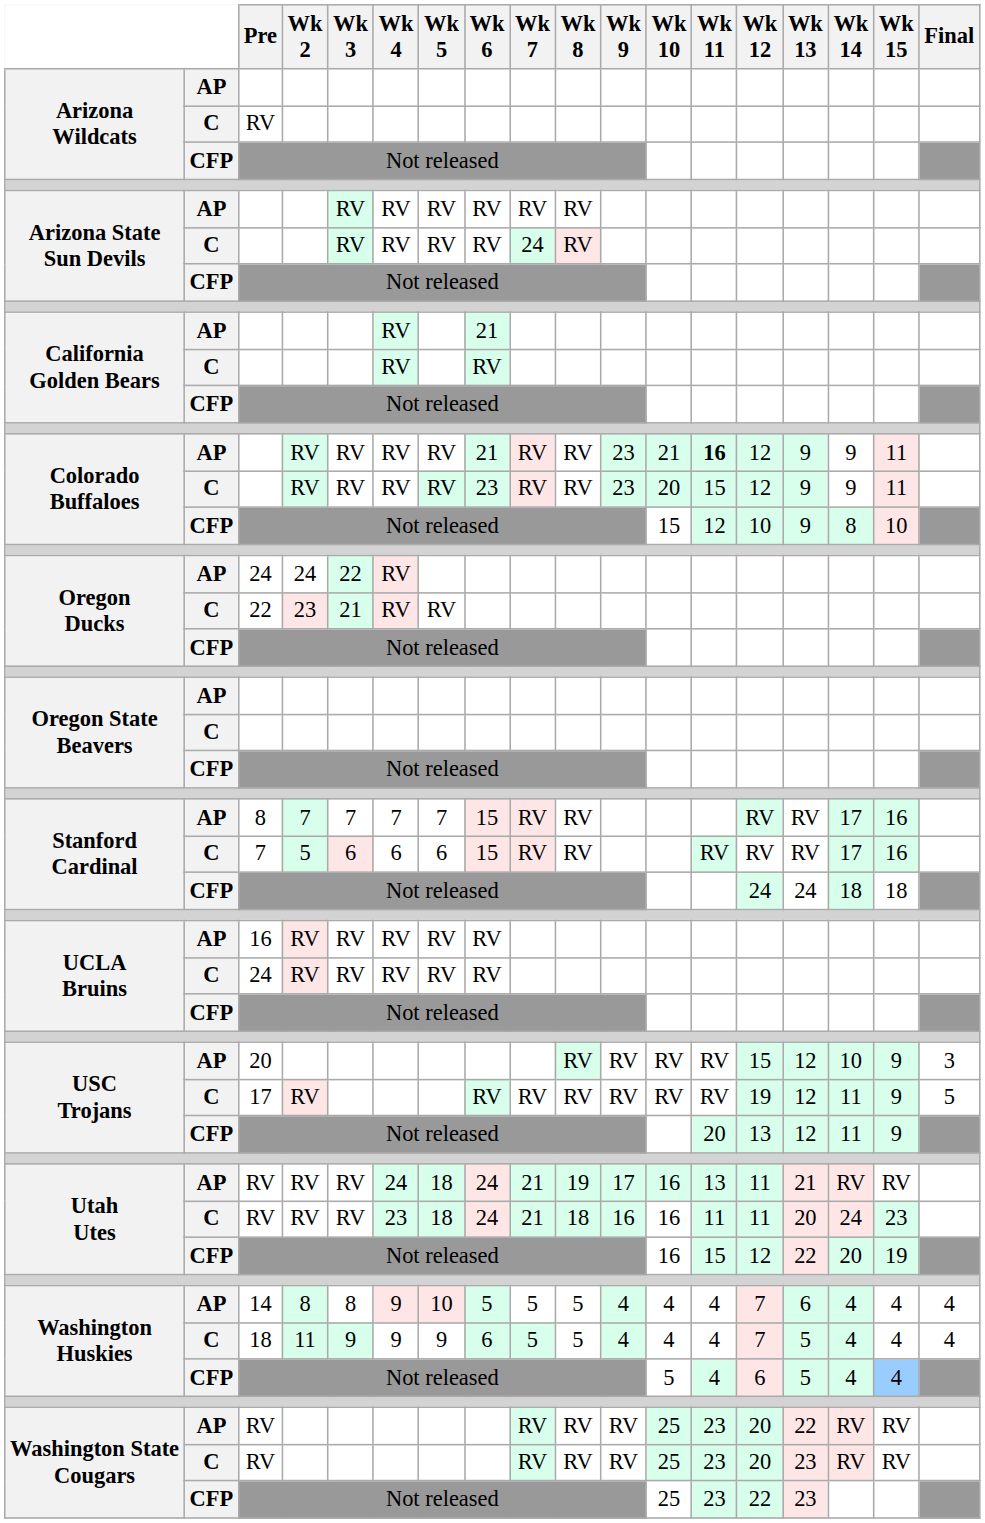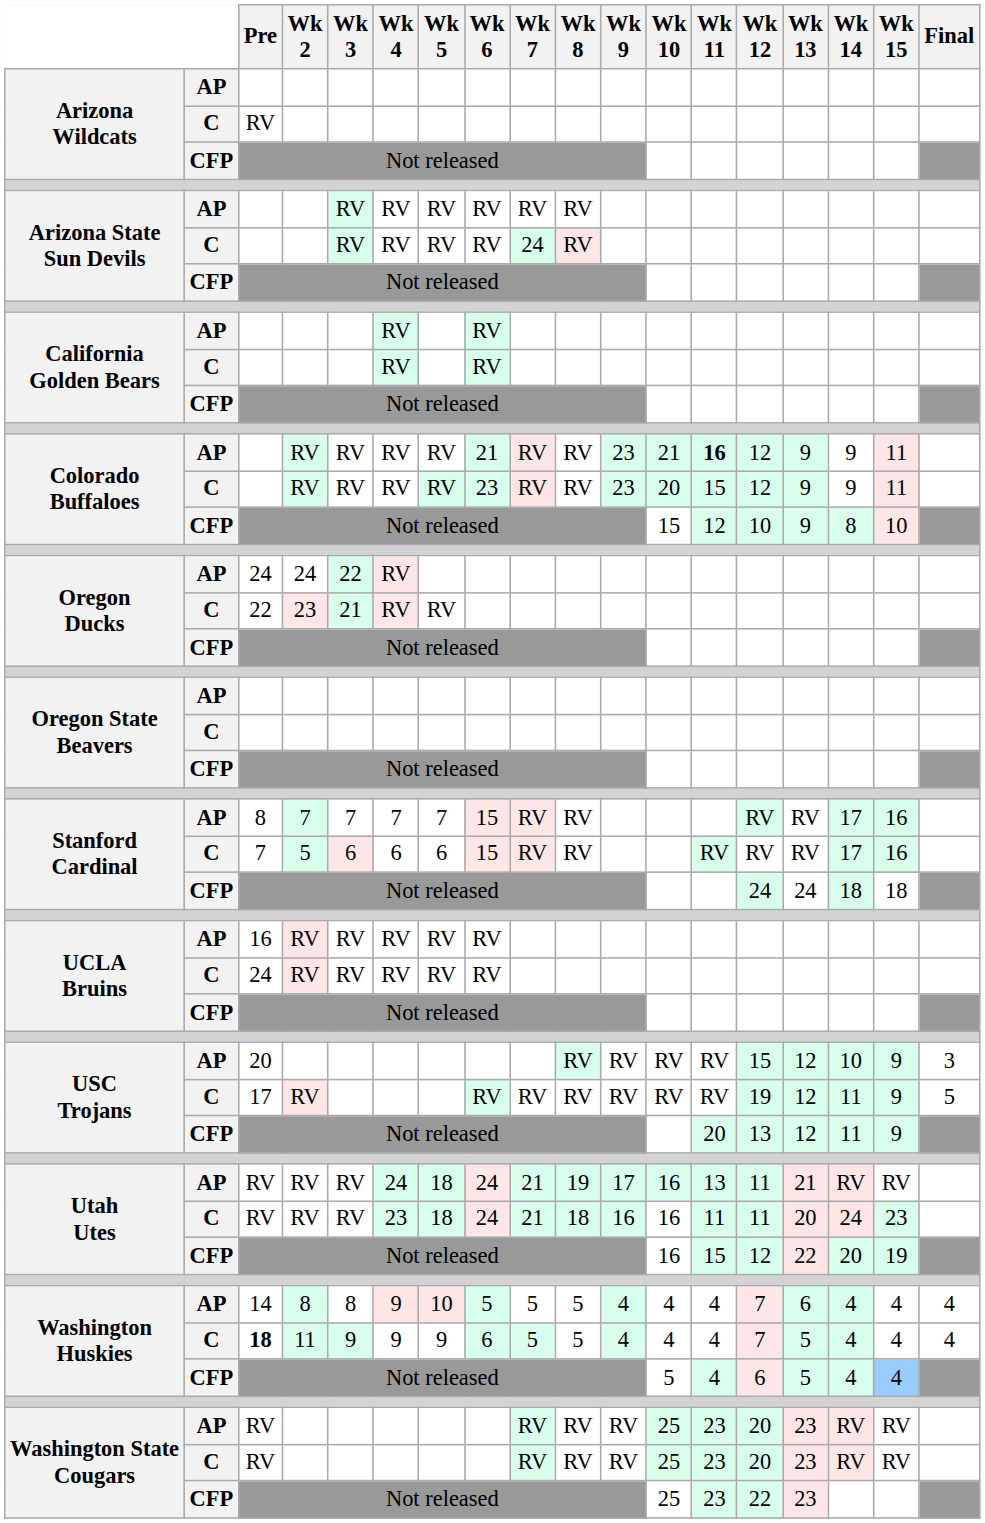 <table class="wikitable" style="white-space:nowrap;font-size:90%;">
 <tr>
 <th colspan=2 style="background:white; border-top-style:hidden; border-left-style:hidden;"> </th>
 <th>Pre</th>
 <th>Wk<br>2</th>
 <th>Wk<br>3</th>
 <th>Wk<br>4</th>
 <th>Wk<br>5</th>
 <th>Wk<br>6</th>
 <th>Wk<br>7</th>
 <th>Wk<br>8</th>
 <th>Wk<br>9</th>
 <th>Wk<br>10</th>
 <th>Wk<br>11</th>
 <th>Wk<br>12</th>
 <th>Wk<br>13</th>
 <th>Wk<br>14</th>
 <th>Wk<br>15</th>
 <th>Final</th>
 </tr>
 <tr style="text-align:center;">
 <th rowspan=3><strong>Arizona</strong><br><strong>Wildcats</strong></th>
 <th>AP</th>
 <td style="background:#FFF;"></td>
 <td style="background:#FFF;"></td>
 <td style="background:#FFF;"></td>
 <td style="background:#FFF;"></td>
 <td style="background:#FFF;"></td>
 <td style="background:#FFF;"></td>
 <td style="background:#FFF;"></td>
 <td style="background:#FFF;"></td>
 <td style="background:#FFF;"></td>
 <td style="background:#FFF;"></td>
 <td style="background:#FFF;"></td>
 <td style="background:#FFF;"></td>
 <td style="background:#FFF;"></td>
 <td style="background:#FFF;"></td>
 <td style="background:#FFF;"></td>
 <td style="background:#FFF;"></td>
 </tr>
 <tr style="text-align:center;">
 <th>C</th>
 <td style="background:#FFF;">RV</td>
 <td style="background:#FFF;"></td>
 <td style="background:#FFF;"></td>
 <td style="background:#FFF;"></td>
 <td style="background:#FFF;"></td>
 <td style="background:#FFF;"></td>
 <td style="background:#FFF;"></td>
 <td style="background:#FFF;"></td>
 <td style="background:#FFF;"></td>
 <td style="background:#FFF;"></td>
 <td style="background:#FFF;"></td>
 <td style="background:#FFF;"></td>
 <td style="background:#FFF;"></td>
 <td style="background:#FFF;"></td>
 <td style="background:#FFF;"></td>
 <td style="background:#FFF;"></td>
 </tr>
 <tr style="text-align:center;">
 <th>CFP</th>
 <td colspan="9" style="background:#999;">Not released</td>
 <td style="background:#FFF;"></td>
 <td style="background:#FFF;"></td>
 <td style="background:#FFF;"></td>
 <td style="background:#FFF;"></td>
 <td style="background:#FFF;"></td>
 <td style="background:#FFF;"></td>
 <td style="background:#999;"></td>
 </tr>
 <tr>
 <th colspan="19" style="background:lightgrey;"></th>
 </tr>
 <tr style="text-align:center;">
 <th rowspan=3><strong>Arizona State</strong><br><strong>Sun Devils</strong></th>
 <th>AP</th>
 <td style="background:#FFF;"></td>
 <td style="background:#FFF;"></td>
 <td style="background:#D8FFEB;">RV</td>
 <td style="background:#FFF;">RV</td>
 <td style="background:#FFF;">RV</td>
 <td style="background:#FFF;">RV</td>
 <td style="background:#FFF;">RV</td>
 <td style="background:#FFF;">RV</td>
 <td style="background:#FFF;"></td>
 <td style="background:#FFF;"></td>
 <td style="background:#FFF;"></td>
 <td style="background:#FFF;"></td>
 <td style="background:#FFF;"></td>
 <td style="background:#FFF;"></td>
 <td style="background:#FFF;"></td>
 <td style="background:#FFF;"></td>
 </tr>
 <tr style="text-align:center;">
 <th>C</th>
 <td style="background:#FFF;"></td>
 <td style="background:#FFF;"></td>
 <td style="background:#D8FFEB;">RV</td>
 <td style="background:#FFF;">RV</td>
 <td style="background:#FFF;">RV</td>
 <td style="background:#FFF;">RV</td>
 <td style="background:#D8FFEB;">24</td>
 <td style="background:#FFE6E6;">RV</td>
 <td style="background:#FFF;"></td>
 <td style="background:#FFF;"></td>
 <td style="background:#FFF;"></td>
 <td style="background:#FFF;"></td>
 <td style="background:#FFF;"></td>
 <td style="background:#FFF;"></td>
 <td style="background:#FFF;"></td>
 <td style="background:#FFF;"></td>
 </tr>
 <tr style="text-align:center;">
 <th>CFP</th>
 <td colspan="9" style="background:#999;">Not released</td>
 <td style="background:#FFF;"></td>
 <td style="background:#FFF;"></td>
 <td style="background:#FFF;"></td>
 <td style="background:#FFF;"></td>
 <td style="background:#FFF;"></td>
 <td style="background:#FFF;"></td>
 <td style="background:#999;"></td>
 </tr>
 <tr>
 <th colspan="19" style="background:lightgrey;"></th>
 </tr>
 <tr style="text-align:center;">
 <th rowspan=3><strong>California</strong><br><strong>Golden Bears</strong></th>
 <th>AP</th>
 <td style="background:#FFF;"></td>
 <td style="background:#FFF;"></td>
 <td style="background:#FFF;"></td>
 <td style="background:#D8FFEB;">RV</td>
 <td style="background:#FFF;"></td>
-<td style="background:#D8FFEB;">21</td>
+<td style="background:#D8FFEB;">RV</td>
 <td style="background:#FFF;"></td>
 <td style="background:#FFF;"></td>
 <td style="background:#FFF;"></td>
 <td style="background:#FFF;"></td>
 <td style="background:#FFF;"></td>
 <td style="background:#FFF;"></td>
 <td style="background:#FFF;"></td>
 <td style="background:#FFF;"></td>
 <td style="background:#FFF;"></td>
 <td style="background:#FFF;"></td>
 </tr>
 <tr style="text-align:center;">
 <th>C</th>
 <td style="background:#FFF;"></td>
 <td style="background:#FFF;"></td>
 <td style="background:#FFF;"></td>
 <td style="background:#D8FFEB;">RV</td>
 <td style="background:#FFF;"></td>
 <td style="background:#D8FFEB;">RV</td>
 <td style="background:#FFF;"></td>
 <td style="background:#FFF;"></td>
 <td style="background:#FFF;"></td>
 <td style="background:#FFF;"></td>
 <td style="background:#FFF;"></td>
 <td style="background:#FFF;"></td>
 <td style="background:#FFF;"></td>
 <td style="background:#FFF;"></td>
 <td style="background:#FFF;"></td>
 <td style="background:#FFF;"></td>
 </tr>
 <tr style="text-align:center;">
 <th>CFP</th>
 <td colspan="9" style="background:#999;">Not released</td>
 <td style="background:#FFF;"></td>
 <td style="background:#FFF;"></td>
 <td style="background:#FFF;"></td>
 <td style="background:#FFF;"></td>
 <td style="background:#FFF;"></td>
 <td style="background:#FFF;"></td>
 <td style="background:#999;"></td>
 </tr>
 <tr>
 <th colspan="19" style="background:lightgrey;"></th>
 </tr>
 <tr style="text-align:center;">
 <th rowspan=3><strong>Colorado</strong><br><strong>Buffaloes</strong></th>
 <th>AP</th>
 <td style="background:#FFF;"></td>
 <td style="background:#D8FFEB;">RV</td>
 <td style="background:#FFF;">RV</td>
 <td style="background:#FFF;">RV</td>
 <td style="background:#FFF;">RV</td>
 <td style="background:#D8FFEB;">21</td>
 <td style="background:#FFE6E6;">RV</td>
 <td style="background:#FFF;">RV</td>
 <td style="background:#D8FFEB;">23</td>
 <td style="background:#D8FFEB;">21</td>
 <td style="background:#D8FFEB;"><strong>16</strong></td>
 <td style="background:#D8FFEB;">12</td>
 <td style="background:#D8FFEB;">9</td>
 <td style="background:#FFF;">9</td>
 <td style="background:#FFE6E6;">11</td>
 <td style="background:#FFF;"></td>
 </tr>
 <tr style="text-align:center;">
 <th>C</th>
 <td style="background:#FFF;"></td>
 <td style="background:#D8FFEB;">RV</td>
 <td style="background:#FFF;">RV</td>
 <td style="background:#FFF;">RV</td>
 <td style="background:#D8FFEB;">RV</td>
 <td style="background:#D8FFEB;">23</td>
 <td style="background:#FFE6E6;">RV</td>
 <td style="background:#FFF;">RV</td>
 <td style="background:#D8FFEB;">23</td>
 <td style="background:#D8FFEB;">20</td>
 <td style="background:#D8FFEB;">15</td>
 <td style="background:#D8FFEB;">12</td>
 <td style="background:#D8FFEB;">9</td>
 <td style="background:#FFF;">9</td>
 <td style="background:#FFE6E6;">11</td>
 <td style="background:#FFF;"></td>
 </tr>
 <tr style="text-align:center;">
 <th>CFP</th>
 <td colspan="9" style="background:#999;">Not released</td>
 <td style="background:#FFF;">15</td>
 <td style="background:#D8FFEB;">12</td>
 <td style="background:#D8FFEB;">10</td>
 <td style="background:#D8FFEB;">9</td>
 <td style="background:#D8FFEB;">8</td>
 <td style="background:#FFE6E6;">10</td>
 <td style="background:#999;"></td>
 </tr>
 <tr>
 <th colspan="19" style="background:lightgrey;"></th>
 </tr>
 <tr style="text-align:center;">
 <th rowspan=3><strong>Oregon</strong><br><strong>Ducks</strong></th>
 <th>AP</th>
 <td style="background:#FFF;">24</td>
 <td style="background:#FFF;">24</td>
 <td style="background:#D8FFEB;">22</td>
 <td style="background:#FFE6E6;">RV</td>
 <td style="background:#FFF;"></td>
 <td style="background:#FFF;"></td>
 <td style="background:#FFF;"></td>
 <td style="background:#FFF;"></td>
 <td style="background:#FFF;"></td>
 <td style="background:#FFF;"></td>
 <td style="background:#FFF;"></td>
 <td style="background:#FFF;"></td>
 <td style="background:#FFF;"></td>
 <td style="background:#FFF;"></td>
 <td style="background:#FFF;"></td>
 <td style="background:#FFF;"></td>
 </tr>
 <tr style="text-align:center;">
 <th>C</th>
 <td style="background:#FFF;">22</td>
 <td style="background:#FFE6E6;">23</td>
 <td style="background:#D8FFEB;">21</td>
 <td style="background:#FFE6E6;">RV</td>
 <td style="background:#FFF;">RV</td>
 <td style="background:#FFF;"></td>
 <td style="background:#FFF;"></td>
 <td style="background:#FFF;"></td>
 <td style="background:#FFF;"></td>
 <td style="background:#FFF;"></td>
 <td style="background:#FFF;"></td>
 <td style="background:#FFF;"></td>
 <td style="background:#FFF;"></td>
 <td style="background:#FFF;"></td>
 <td style="background:#FFF;"></td>
 <td style="background:#FFF;"></td>
 </tr>
 <tr style="text-align:center;">
 <th>CFP</th>
 <td colspan="9" style="background:#999;">Not released</td>
 <td style="background:#FFF;"></td>
 <td style="background:#FFF;"></td>
 <td style="background:#FFF;"></td>
 <td style="background:#FFF;"></td>
 <td style="background:#FFF;"></td>
 <td style="background:#FFF;"></td>
 <td style="background:#999;"></td>
 </tr>
 <tr>
 <th colspan="19" style="background:lightgrey;"></th>
 </tr>
 <tr style="text-align:center;">
 <th rowspan=3><strong>Oregon State</strong><br><strong>Beavers</strong></th>
 <th>AP</th>
 <td style="background:#FFF;"></td>
 <td style="background:#FFF;"></td>
 <td style="background:#FFF;"></td>
 <td style="background:#FFF;"></td>
 <td style="background:#FFF;"></td>
 <td style="background:#FFF;"></td>
 <td style="background:#FFF;"></td>
 <td style="background:#FFF;"></td>
 <td style="background:#FFF;"></td>
 <td style="background:#FFF;"></td>
 <td style="background:#FFF;"></td>
 <td style="background:#FFF;"></td>
 <td style="background:#FFF;"></td>
 <td style="background:#FFF;"></td>
 <td style="background:#FFF;"></td>
 <td style="background:#FFF;"></td>
 </tr>
 <tr style="text-align:center;">
 <th>C</th>
 <td style="background:#FFF;"></td>
 <td style="background:#FFF;"></td>
 <td style="background:#FFF;"></td>
 <td style="background:#FFF;"></td>
 <td style="background:#FFF;"></td>
 <td style="background:#FFF;"></td>
 <td style="background:#FFF;"></td>
 <td style="background:#FFF;"></td>
 <td style="background:#FFF;"></td>
 <td style="background:#FFF;"></td>
 <td style="background:#FFF;"></td>
 <td style="background:#FFF;"></td>
 <td style="background:#FFF;"></td>
 <td style="background:#FFF;"></td>
 <td style="background:#FFF;"></td>
 <td style="background:#FFF;"></td>
 </tr>
 <tr style="text-align:center;">
 <th>CFP</th>
 <td colspan="9" style="background:#999;">Not released</td>
 <td style="background:#FFF;"></td>
 <td style="background:#FFF;"></td>
 <td style="background:#FFF;"></td>
 <td style="background:#FFF;"></td>
 <td style="background:#FFF;"></td>
 <td style="background:#FFF;"></td>
 <td style="background:#999;"></td>
 </tr>
 <tr>
 <th colspan="19" style="background:lightgrey;"></th>
 </tr>
 <tr style="text-align:center;">
 <th rowspan=3><strong>Stanford</strong><br><strong>Cardinal</strong></th>
 <th>AP</th>
 <td style="background:#FFF;">8</td>
 <td style="background:#D8FFEB;">7</td>
 <td style="background:#FFF;">7</td>
 <td style="background:#FFF;">7</td>
 <td style="background:#FFF;">7</td>
 <td style="background:#FFE6E6;">15</td>
 <td style="background:#FFE6E6;">RV</td>
 <td style="background:#FFF;">RV</td>
 <td style="background:#FFF;"></td>
 <td style="background:#FFF;"></td>
 <td style="background:#FFF;"></td>
 <td style="background:#D8FFEB;">RV</td>
 <td style="background:#FFF;">RV</td>
 <td style="background:#D8FFEB;">17</td>
 <td style="background:#D8FFEB;">16</td>
 <td style="background:#FFF;"></td>
 </tr>
 <tr style="text-align:center;">
 <th>C</th>
 <td style="background:#FFF;">7</td>
 <td style="background:#D8FFEB;">5</td>
 <td style="background:#FFE6E6;">6</td>
 <td style="background:#FFF;">6</td>
 <td style="background:#FFF;">6</td>
 <td style="background:#FFE6E6;">15</td>
 <td style="background:#FFE6E6;">RV</td>
 <td style="background:#FFF;">RV</td>
 <td style="background:#FFF;"></td>
 <td style="background:#FFF;"></td>
 <td style="background:#D8FFEB;">RV</td>
 <td style="background:#FFF;">RV</td>
 <td style="background:#FFF;">RV</td>
 <td style="background:#D8FFEB;">17</td>
 <td style="background:#D8FFEB;">16</td>
 <td style="background:#FFF;"></td>
 </tr>
 <tr style="text-align:center;">
 <th>CFP</th>
 <td colspan="9" style="background:#999;">Not released</td>
 <td style="background:#FFF;"></td>
 <td style="background:#FFF;"></td>
 <td style="background:#D8FFEB;">24</td>
 <td style="background:#FFF;">24</td>
 <td style="background:#D8FFEB;">18</td>
 <td style="background:#FFF;">18</td>
 <td style="background:#999;"></td>
 </tr>
 <tr>
 <th colspan="19" style="background:lightgrey;"></th>
 </tr>
 <tr style="text-align:center;">
 <th rowspan=3><strong>UCLA</strong><br><strong>Bruins</strong></th>
 <th>AP</th>
 <td style="background:#FFF;">16</td>
 <td style="background:#FFE6E6;">RV</td>
 <td style="background:#FFF;">RV</td>
 <td style="background:#FFF;">RV</td>
 <td style="background:#FFF;">RV</td>
 <td style="background:#FFF;">RV</td>
 <td style="background:#FFF;"></td>
 <td style="background:#FFF;"></td>
 <td style="background:#FFF;"></td>
 <td style="background:#FFF;"></td>
 <td style="background:#FFF;"></td>
 <td style="background:#FFF;"></td>
 <td style="background:#FFF;"></td>
 <td style="background:#FFF;"></td>
 <td style="background:#FFF;"></td>
 <td style="background:#FFF;"></td>
 </tr>
 <tr style="text-align:center;">
 <th>C</th>
 <td style="background:#FFF;">24</td>
 <td style="background:#FFE6E6;">RV</td>
 <td style="background:#FFF;">RV</td>
 <td style="background:#FFF;">RV</td>
 <td style="background:#FFF;">RV</td>
 <td style="background:#FFF;">RV</td>
 <td style="background:#FFF;"></td>
 <td style="background:#FFF;"></td>
 <td style="background:#FFF;"></td>
 <td style="background:#FFF;"></td>
 <td style="background:#FFF;"></td>
 <td style="background:#FFF;"></td>
 <td style="background:#FFF;"></td>
 <td style="background:#FFF;"></td>
 <td style="background:#FFF;"></td>
 <td style="background:#FFF;"></td>
 </tr>
 <tr style="text-align:center;">
 <th>CFP</th>
 <td colspan="9" style="background:#999;">Not released</td>
 <td style="background:#FFF;"></td>
 <td style="background:#FFF;"></td>
 <td style="background:#FFF;"></td>
 <td style="background:#FFF;"></td>
 <td style="background:#FFF;"></td>
 <td style="background:#FFF;"></td>
 <td style="background:#999;"></td>
 </tr>
 <tr>
 <th colspan="19" style="background:lightgrey;"></th>
 </tr>
 <tr style="text-align:center;">
 <th rowspan=3><strong>USC</strong><br><strong>Trojans</strong></th>
 <th>AP</th>
 <td style="background:#FFF;">20</td>
 <td style="background:#FFF;"></td>
 <td style="background:#FFF;"></td>
 <td style="background:#FFF;"></td>
 <td style="background:#FFF;"></td>
 <td style="background:#FFF;"></td>
 <td style="background:#FFF;"></td>
 <td style="background:#D8FFEB;">RV</td>
 <td style="background:#FFF;">RV</td>
 <td style="background:#FFF;">RV</td>
 <td style="background:#FFF;">RV</td>
 <td style="background:#D8FFEB;">15</td>
 <td style="background:#D8FFEB;">12</td>
 <td style="background:#D8FFEB;">10</td>
 <td style="background:#D8FFEB;">9</td>
 <td style="background:#FFF;">3</td>
 </tr>
 <tr style="text-align:center;">
 <th>C</th>
 <td style="background:#FFF;">17</td>
 <td style="background:#FFE6E6;">RV</td>
 <td style="background:#FFF;"></td>
 <td style="background:#FFF;"></td>
 <td style="background:#FFF;"></td>
 <td style="background:#D8FFEB;">RV</td>
 <td style="background:#FFF;">RV</td>
 <td style="background:#FFF;">RV</td>
 <td style="background:#FFF;">RV</td>
 <td style="background:#FFF;">RV</td>
 <td style="background:#FFF;">RV</td>
 <td style="background:#D8FFEB;">19</td>
 <td style="background:#D8FFEB;">12</td>
 <td style="background:#D8FFEB;">11</td>
 <td style="background:#D8FFEB;">9</td>
 <td style="background:#FFF;">5</td>
 </tr>
 <tr style="text-align:center;">
 <th>CFP</th>
 <td colspan="9" style="background:#999;">Not released</td>
 <td style="background:#FFF;"></td>
 <td style="background:#D8FFEB;">20</td>
 <td style="background:#D8FFEB;">13</td>
 <td style="background:#D8FFEB;">12</td>
 <td style="background:#D8FFEB;">11</td>
 <td style="background:#D8FFEB;">9</td>
 <td style="background:#999;"></td>
 </tr>
 <tr>
 <th colspan="19" style="background:lightgrey;"></th>
 </tr>
 <tr style="text-align:center;">
 <th rowspan=3><strong>Utah</strong><br><strong>Utes</strong></th>
 <th>AP</th>
 <td style="background:#FFF;">RV</td>
 <td style="background:#FFF;">RV</td>
 <td style="background:#FFF;">RV</td>
 <td style="background:#D8FFEB;">24</td>
 <td style="background:#D8FFEB;">18</td>
 <td style="background:#FFE6E6;">24</td>
 <td style="background:#D8FFEB;">21</td>
 <td style="background:#D8FFEB;">19</td>
 <td style="background:#D8FFEB;">17</td>
 <td style="background:#D8FFEB;">16</td>
 <td style="background:#D8FFEB;">13</td>
 <td style="background:#D8FFEB;">11</td>
 <td style="background:#FFE6E6;">21</td>
 <td style="background:#FFE6E6;">RV</td>
 <td style="background:#FFF;">RV</td>
 <td style="background:#FFF;"></td>
 </tr>
 <tr style="text-align:center;">
 <th>C</th>
 <td style="background:#FFF;">RV</td>
 <td style="background:#FFF;">RV</td>
 <td style="background:#FFF;">RV</td>
 <td style="background:#D8FFEB;">23</td>
 <td style="background:#D8FFEB;">18</td>
 <td style="background:#FFE6E6;">24</td>
 <td style="background:#D8FFEB;">21</td>
 <td style="background:#D8FFEB;">18</td>
 <td style="background:#D8FFEB;">16</td>
 <td style="background:#FFF;">16</td>
 <td style="background:#D8FFEB;">11</td>
 <td style="background:#D8FFEB;">11</td>
 <td style="background:#FFE6E6;">20</td>
 <td style="background:#FFE6E6;">24</td>
 <td style="background:#D8FFEB;">23</td>
 <td style="background:#FFF;"></td>
 </tr>
 <tr style="text-align:center;">
 <th>CFP</th>
 <td colspan="9" style="background:#999;">Not released</td>
 <td style="background:#FFF;">16</td>
 <td style="background:#D8FFEB;">15</td>
 <td style="background:#D8FFEB;">12</td>
 <td style="background:#FFE6E6;">22</td>
 <td style="background:#D8FFEB;">20</td>
 <td style="background:#D8FFEB;">19</td>
 <td style="background:#999;"></td>
 </tr>
 <tr>
 <th colspan="19" style="background:lightgrey;"></th>
 </tr>
 <tr style="text-align:center;">
 <th rowspan=3><strong>Washington</strong><br><strong>Huskies</strong></th>
 <th>AP</th>
 <td style="background:#FFF;">14</td>
 <td style="background:#D8FFEB;">8</td>
 <td style="background:#FFF;">8</td>
 <td style="background:#FFE6E6;">9</td>
 <td style="background:#FFE6E6;">10</td>
 <td style="background:#D8FFEB;">5</td>
 <td style="background:#FFF;">5</td>
 <td style="background:#FFF;">5</td>
 <td style="background:#D8FFEB;">4</td>
 <td style="background:#FFF;">4</td>
 <td style="background:#FFF;">4</td>
 <td style="background:#FFE6E6;">7</td>
 <td style="background:#D8FFEB;">6</td>
 <td style="background:#D8FFEB;">4</td>
 <td style="background:#FFF;">4</td>
 <td style="background:#FFF;">4</td>
 </tr>
 <tr style="text-align:center;">
 <th>C</th>
-<td style="background:#FFF;">18</td>
+<td style="background:#FFF;"><strong>18</strong></td>
 <td style="background:#D8FFEB;">11</td>
 <td style="background:#D8FFEB;">9</td>
 <td style="background:#FFF;">9</td>
 <td style="background:#FFF;">9</td>
 <td style="background:#D8FFEB;">6</td>
 <td style="background:#D8FFEB;">5</td>
 <td style="background:#FFF;">5</td>
 <td style="background:#D8FFEB;">4</td>
 <td style="background:#FFF;">4</td>
 <td style="background:#FFF;">4</td>
 <td style="background:#FFE6E6;">7</td>
 <td style="background:#D8FFEB;">5</td>
 <td style="background:#D8FFEB;">4</td>
 <td style="background:#FFF;">4</td>
 <td style="background:#FFF;">4</td>
 </tr>
 <tr style="text-align:center;">
 <th>CFP</th>
 <td colspan="9" style="background:#999;">Not released</td>
 <td style="background:#FFF;">5</td>
 <td style="background:#D8FFEB;">4</td>
 <td style="background:#FFE6E6;">6</td>
 <td style="background:#D8FFEB;">5</td>
 <td style="background:#D8FFEB;">4</td>
 <td style="background:#9cf;">4</td>
 <td style="background:#999;"></td>
 </tr>
 <tr>
 <th colspan="19" style="background:lightgrey;"></th>
 </tr>
 <tr style="text-align:center;">
 <th rowspan=3><strong>Washington State</strong><br><strong>Cougars</strong></th>
 <th>AP</th>
 <td style="background:#FFF;">RV</td>
 <td style="background:#FFF;"></td>
 <td style="background:#FFF;"></td>
 <td style="background:#FFF;"></td>
 <td style="background:#FFF;"></td>
 <td style="background:#FFF;"></td>
 <td style="background:#D8FFEB;">RV</td>
 <td style="background:#FFF;">RV</td>
 <td style="background:#FFF;">RV</td>
 <td style="background:#D8FFEB;">25</td>
 <td style="background:#D8FFEB;">23</td>
 <td style="background:#D8FFEB;">20</td>
-<td style="background:#FFE6E6;">22</td>
+<td style="background:#FFE6E6;">23</td>
 <td style="background:#FFE6E6;">RV</td>
 <td style="background:#FFF;">RV</td>
 <td style="background:#FFF;"></td>
 </tr>
 <tr style="text-align:center;">
 <th>C</th>
 <td style="background:#FFF;">RV</td>
 <td style="background:#FFF;"></td>
 <td style="background:#FFF;"></td>
 <td style="background:#FFF;"></td>
 <td style="background:#FFF;"></td>
 <td style="background:#FFF;"></td>
 <td style="background:#D8FFEB;">RV</td>
 <td style="background:#FFF;">RV</td>
 <td style="background:#FFF;">RV</td>
 <td style="background:#D8FFEB;">25</td>
 <td style="background:#D8FFEB;">23</td>
 <td style="background:#D8FFEB;">20</td>
 <td style="background:#FFE6E6;">23</td>
 <td style="background:#FFE6E6;">RV</td>
 <td style="background:#FFF;">RV</td>
 <td style="background:#FFF;"></td>
 </tr>
 <tr style="text-align:center;">
 <th>CFP</th>
 <td colspan="9" style="background:#999;">Not released</td>
 <td style="background:#FFF;">25</td>
 <td style="background:#D8FFEB;">23</td>
 <td style="background:#D8FFEB;">22</td>
 <td style="background:#FFE6E6;">23</td>
 <td style="background:#FFF;"></td>
 <td style="background:#FFF;"></td>
 <td style="background:#999;"></td>
 </tr>
 </table>
